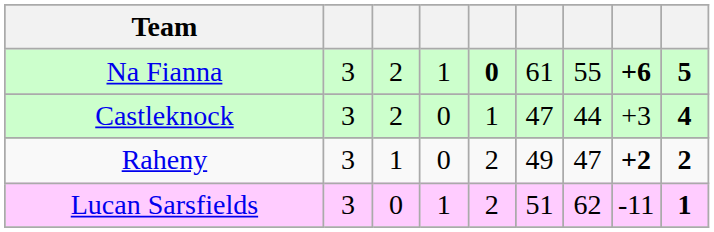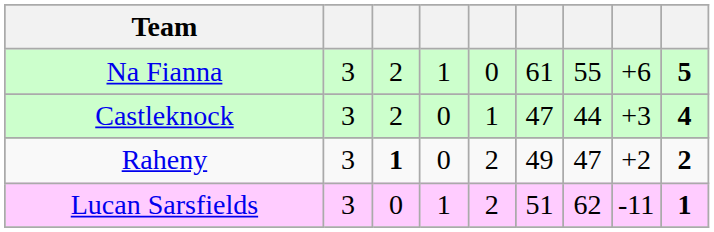 <table class="wikitable" style="text-align:center">
 <tr>
 <th style="width:175px;">Team</th>
 <th width="20"></th>
 <th width="20"></th>
 <th width="20"></th>
 <th width="20"></th>
 <th width="20"></th>
 <th width="20"></th>
 <th width="20"></th>
 <th width="20"></th>
 </tr>
 <tr style="background:#cfc;">
 <td><a href='#'>Na Fianna</a></td>
 <td>3</td>
 <td>2</td>
 <td>1</td>
-<td><strong>0</strong></td>
+<td>0</td>
 <td>61</td>
 <td>55</td>
-<td><strong>+6</strong></td>
+<td>+6</td>
 <td><strong>5</strong></td>
 </tr>
 <tr style="background:#cfc;">
 <td><a href='#'>Castleknock</a></td>
 <td>3</td>
 <td>2</td>
 <td>0</td>
 <td>1</td>
 <td>47</td>
 <td>44</td>
 <td>+3</td>
 <td><strong>4</strong></td>
 </tr>
 <tr>
 <td><a href='#'>Raheny</a></td>
 <td>3</td>
-<td>1</td>
+<td><strong>1</strong></td>
 <td>0</td>
 <td>2</td>
 <td>49</td>
 <td>47</td>
-<td><strong>+2</strong></td>
+<td>+2</td>
 <td><strong>2</strong></td>
 </tr>
 <tr style="background:#fcf;">
 <td><a href='#'>Lucan Sarsfields</a></td>
 <td>3</td>
 <td>0</td>
 <td>1</td>
 <td>2</td>
 <td>51</td>
 <td>62</td>
 <td>-11</td>
 <td><strong>1</strong></td>
 </tr>
 </table>
